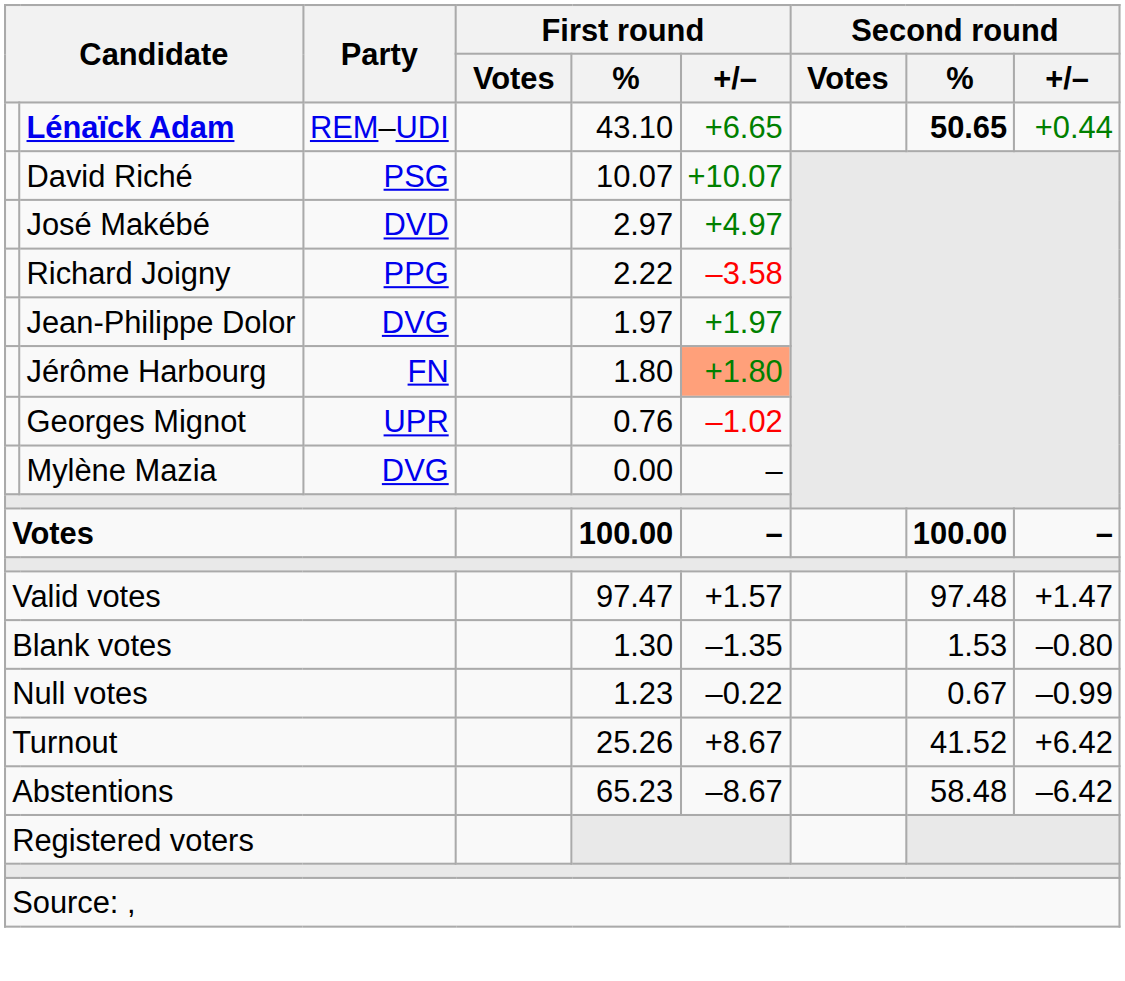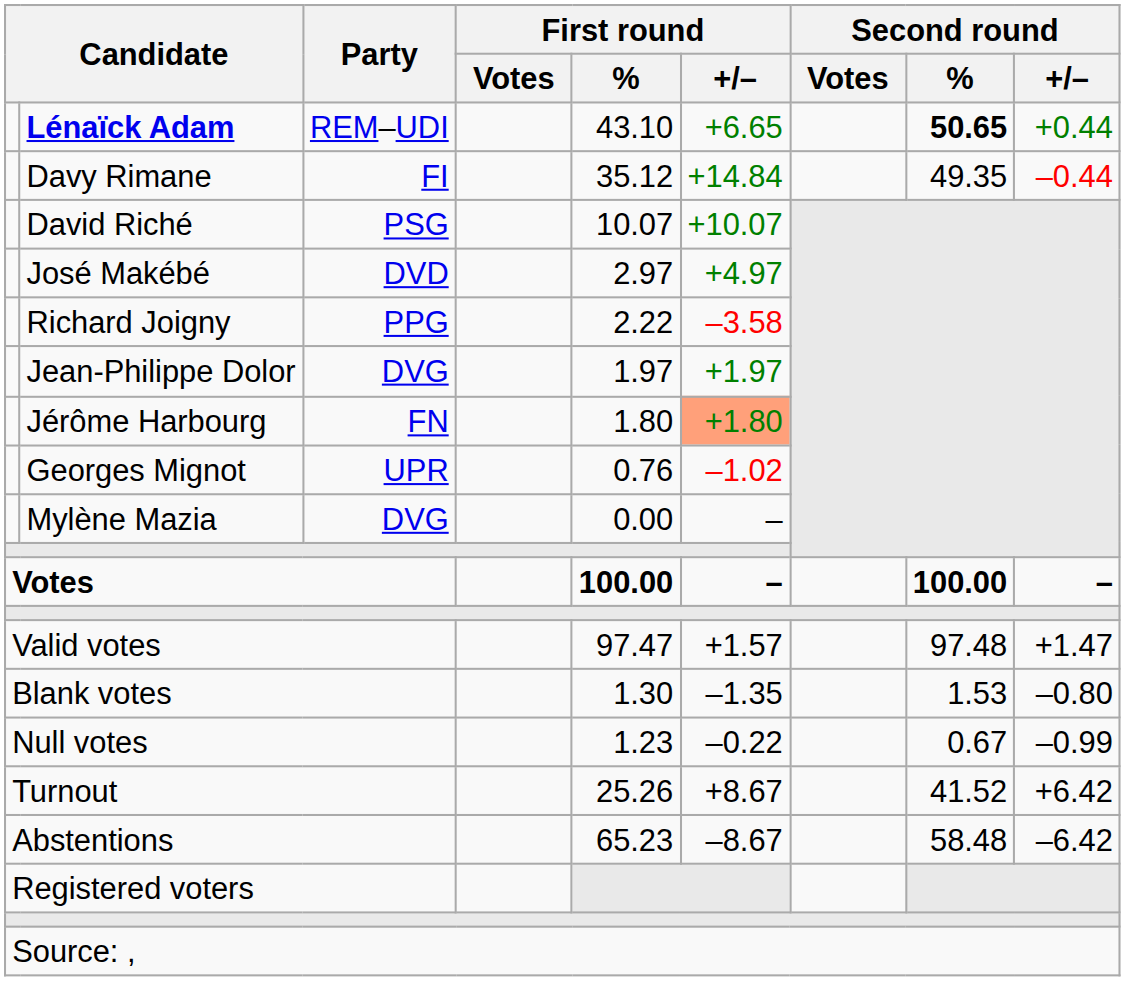 <table class="wikitable" style="text-align:right;font-size:95%;">
 <tr>
 <th rowspan="2" colspan="2">Candidate</th>
 <th rowspan="2">Party</th>
 <th colspan="3">First round</th>
 <th colspan="3">Second round</th>
 </tr>
 <tr>
 <th style="width:50px;">Votes</th>
 <th style="width:45px;">%</th>
 <th style="width:45px;">+/–</th>
 <th style="width:50px;">Votes</th>
 <th style="width:45px;">%</th>
 <th style="width:45px;">+/–</th>
 </tr>
 <tr>
 <td style="background:"></td>
 <td style="text-align:left;"><strong><a href='#'>Lénaïck Adam</a></strong></td>
 <td><a href='#'>REM</a>–<a href='#'>UDI</a></td>
 <td></td>
 <td>43.10</td>
 <td style="color:green;">+6.65</td>
 <td><strong></strong></td>
 <td><strong>50.65</strong></td>
 <td style="color:green;">+0.44</td>
+</tr>
+<tr>
+<td style="background:"></td>
+<td style="text-align:left;">Davy Rimane</td>
+<td><a href='#'>FI</a></td>
+<td></td>
+<td>35.12</td>
+<td style="color:green;">+14.84</td>
+<td></td>
+<td>49.35</td>
+<td style="color:red;">–0.44</td>
 </tr>
 <tr>
 <td style="background:"></td>
 <td style="text-align:left;">David Riché</td>
 <td><a href='#'>PSG</a></td>
 <td></td>
 <td>10.07</td>
 <td style="color:green;">+10.07</td>
 <td colspan="3" rowspan="8" style="background:#E9E9E9;"></td>
 </tr>
 <tr>
 <td style="background:"></td>
 <td style="text-align:left;">José Makébé</td>
 <td><a href='#'>DVD</a></td>
 <td></td>
 <td>2.97</td>
 <td style="color:green;">+4.97</td>
 </tr>
 <tr>
 <td style="background:"></td>
 <td style="text-align:left;">Richard Joigny</td>
 <td><a href='#'>PPG</a></td>
 <td></td>
 <td>2.22</td>
 <td style="color:red;">–3.58</td>
 </tr>
 <tr>
 <td style="background:"></td>
 <td style="text-align:left;">Jean-Philippe Dolor</td>
 <td><a href='#'>DVG</a></td>
 <td></td>
 <td>1.97</td>
 <td style="color:green;">+1.97</td>
 </tr>
 <tr>
 <td style="background:"></td>
 <td style="text-align:left;">Jérôme Harbourg</td>
 <td><a href='#'>FN</a></td>
 <td></td>
 <td>1.80</td>
 <td style="background: lightsalmon; color:green;">+1.80</td>
 </tr>
 <tr>
 <td style="background:"></td>
 <td style="text-align:left;">Georges Mignot</td>
 <td><a href='#'>UPR</a></td>
 <td></td>
 <td>0.76</td>
 <td style="color:red;">–1.02</td>
 </tr>
 <tr>
 <td style="background:"></td>
 <td style="text-align:left;">Mylène Mazia</td>
 <td><a href='#'>DVG</a></td>
 <td></td>
 <td>0.00</td>
 <td>–</td>
 </tr>
 <tr>
 <td colspan="9" style="background:#E9E9E9;"></td>
 </tr>
 <tr style="font-weight:bold;">
 <td colspan="3" style="text-align:left;">Votes</td>
 <td></td>
 <td>100.00</td>
 <td>–</td>
 <td></td>
 <td>100.00</td>
 <td>–</td>
 </tr>
 <tr>
 <td colspan="9" style="background:#E9E9E9;"></td>
 </tr>
 <tr>
 <td colspan="3" style="text-align:left;">Valid votes</td>
 <td></td>
 <td>97.47</td>
 <td>+1.57</td>
 <td></td>
 <td>97.48</td>
 <td>+1.47</td>
 </tr>
 <tr>
 <td colspan="3" style="text-align:left;">Blank votes</td>
 <td></td>
 <td>1.30</td>
 <td>–1.35</td>
 <td></td>
 <td>1.53</td>
 <td>–0.80</td>
 </tr>
 <tr>
 <td colspan="3" style="text-align:left;">Null votes</td>
 <td></td>
 <td>1.23</td>
 <td>–0.22</td>
 <td></td>
 <td>0.67</td>
 <td>–0.99</td>
 </tr>
 <tr>
 <td colspan="3" style="text-align:left;">Turnout</td>
 <td></td>
 <td>25.26</td>
 <td>+8.67</td>
 <td></td>
 <td>41.52</td>
 <td>+6.42</td>
 </tr>
 <tr>
 <td colspan="3" style="text-align:left;">Abstentions</td>
 <td></td>
 <td>65.23</td>
 <td>–8.67</td>
 <td></td>
 <td>58.48</td>
 <td>–6.42</td>
 </tr>
 <tr>
 <td colspan="3" style="text-align:left;">Registered voters</td>
 <td></td>
 <td colspan="2" style="background:#E9E9E9;"></td>
 <td></td>
 <td colspan="2" style="background:#E9E9E9;"></td>
 </tr>
 <tr>
 <td colspan="9" style="background:#E9E9E9;"></td>
 </tr>
 <tr>
 <td colspan="9" style="text-align:left;">Source: , </td>
 </tr>
 </table>
